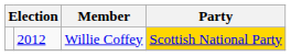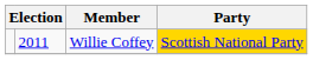 <table class="wikitable">
 <tr>
 <th colspan="2">Election</th>
 <th>Member</th>
 <th>Party</th>
 </tr>
 <tr>
 <td style="background-color: "></td>
-<td><a href='#'>2012</a></td>
+<td><a href='#'>2011</a></td>
 <td><a href='#'>Willie Coffey</a></td>
 <td style="background: gold;"><a href='#'>Scottish National Party</a></td>
 </tr>
 <tr>
 </tr>
 </table>
